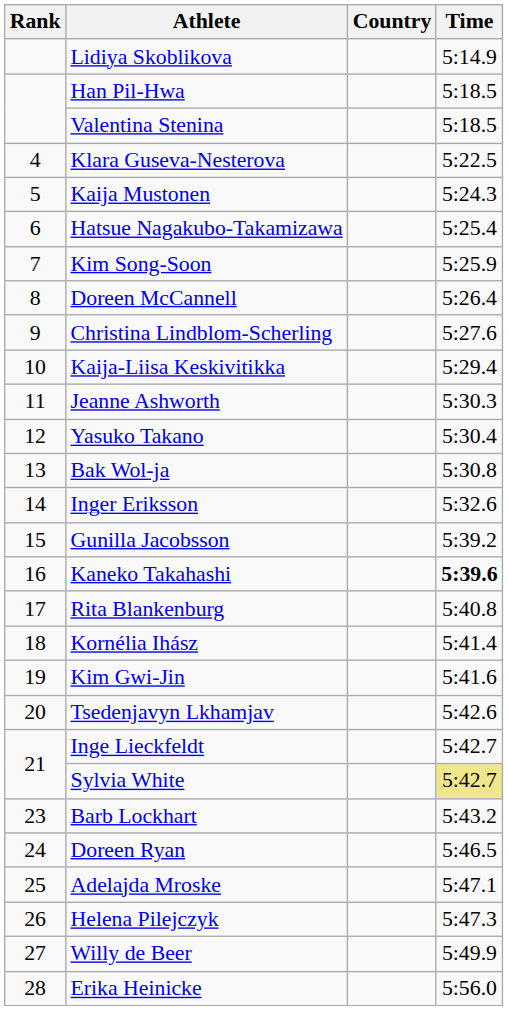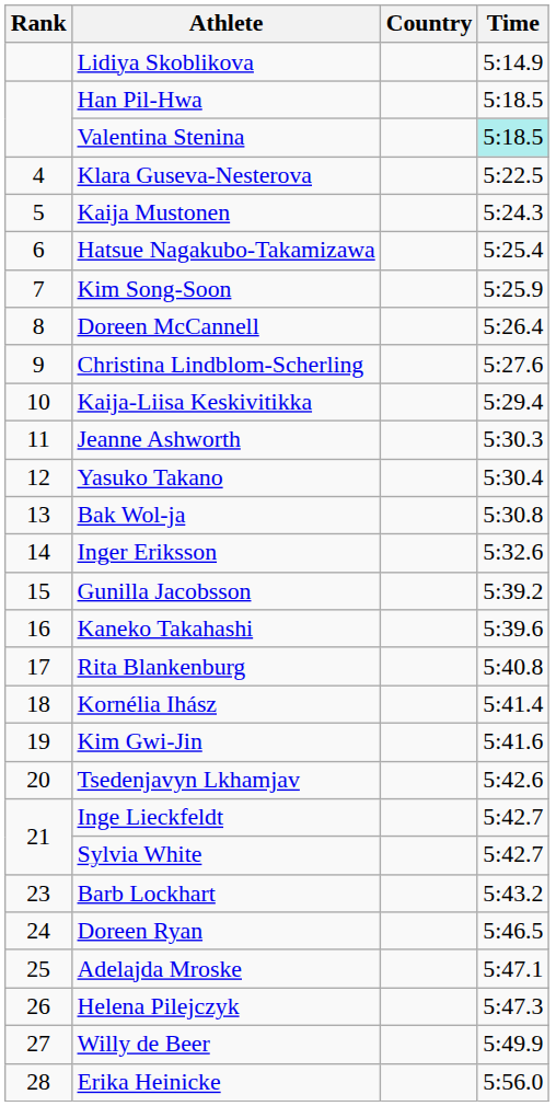 <table class="wikitable sortable" style="text-align:center">
 <tr>
 <th>Rank</th>
 <th>Athlete</th>
 <th>Country</th>
 <th>Time</th>
 </tr>
 <tr>
 <td></td>
 <td align=left><a href='#'>Lidiya Skoblikova</a></td>
 <td align=left></td>
 <td>5:14.9</td>
 </tr>
 <tr>
 <td rowspan=2></td>
 <td align=left><a href='#'>Han Pil-Hwa</a></td>
 <td align=left></td>
 <td>5:18.5</td>
 </tr>
 <tr>
 <td align=left><a href='#'>Valentina Stenina</a></td>
 <td align=left></td>
-<td>5:18.5</td>
+<td style="background: paleturquoise;">5:18.5</td>
 </tr>
 <tr>
 <td>4</td>
 <td align=left><a href='#'>Klara Guseva-Nesterova</a></td>
 <td align=left></td>
 <td>5:22.5</td>
 </tr>
 <tr>
 <td>5</td>
 <td align=left><a href='#'>Kaija Mustonen</a></td>
 <td align=left></td>
 <td>5:24.3</td>
 </tr>
 <tr>
 <td>6</td>
 <td align=left><a href='#'>Hatsue Nagakubo-Takamizawa</a></td>
 <td align=left></td>
 <td>5:25.4</td>
 </tr>
 <tr>
 <td>7</td>
 <td align=left><a href='#'>Kim Song-Soon</a></td>
 <td align=left></td>
 <td>5:25.9</td>
 </tr>
 <tr>
 <td>8</td>
 <td align=left><a href='#'>Doreen McCannell</a></td>
 <td align=left></td>
 <td>5:26.4</td>
 </tr>
 <tr>
 <td>9</td>
 <td align=left><a href='#'>Christina Lindblom-Scherling</a></td>
 <td align=left></td>
 <td>5:27.6</td>
 </tr>
 <tr>
 <td>10</td>
 <td align=left><a href='#'>Kaija-Liisa Keskivitikka</a></td>
 <td align=left></td>
 <td>5:29.4</td>
 </tr>
 <tr>
 <td>11</td>
 <td align=left><a href='#'>Jeanne Ashworth</a></td>
 <td align=left></td>
 <td>5:30.3</td>
 </tr>
 <tr>
 <td>12</td>
 <td align=left><a href='#'>Yasuko Takano</a></td>
 <td align=left></td>
 <td>5:30.4</td>
 </tr>
 <tr>
 <td>13</td>
 <td align=left><a href='#'>Bak Wol-ja</a></td>
 <td align=left></td>
 <td>5:30.8</td>
 </tr>
 <tr>
 <td>14</td>
 <td align=left><a href='#'>Inger Eriksson</a></td>
 <td align=left></td>
 <td>5:32.6</td>
 </tr>
 <tr>
 <td>15</td>
 <td align=left><a href='#'>Gunilla Jacobsson</a></td>
 <td align=left></td>
 <td>5:39.2</td>
 </tr>
 <tr>
 <td>16</td>
 <td align=left><a href='#'>Kaneko Takahashi</a></td>
 <td align=left></td>
-<td><strong>5:39.6</strong></td>
+<td>5:39.6</td>
 </tr>
 <tr>
 <td>17</td>
 <td align=left><a href='#'>Rita Blankenburg</a></td>
 <td align=left></td>
 <td>5:40.8</td>
 </tr>
 <tr>
 <td>18</td>
 <td align=left><a href='#'>Kornélia Ihász</a></td>
 <td align=left></td>
 <td>5:41.4</td>
 </tr>
 <tr>
 <td>19</td>
 <td align=left><a href='#'>Kim Gwi-Jin</a></td>
 <td align=left></td>
 <td>5:41.6</td>
 </tr>
 <tr>
 <td>20</td>
 <td align=left><a href='#'>Tsedenjavyn Lkhamjav</a></td>
 <td align=left></td>
 <td>5:42.6</td>
 </tr>
 <tr>
 <td rowspan=2>21</td>
 <td align=left><a href='#'>Inge Lieckfeldt</a></td>
 <td align=left></td>
 <td>5:42.7</td>
 </tr>
 <tr>
 <td align=left><a href='#'>Sylvia White</a></td>
 <td align=left></td>
-<td style="background: khaki;">5:42.7</td>
+<td>5:42.7</td>
 </tr>
 <tr>
 <td>23</td>
 <td align=left><a href='#'>Barb Lockhart</a></td>
 <td align=left></td>
 <td>5:43.2</td>
 </tr>
 <tr>
 <td>24</td>
 <td align=left><a href='#'>Doreen Ryan</a></td>
 <td align=left></td>
 <td>5:46.5</td>
 </tr>
 <tr>
 <td>25</td>
 <td align=left><a href='#'>Adelajda Mroske</a></td>
 <td align=left></td>
 <td>5:47.1</td>
 </tr>
 <tr>
 <td>26</td>
 <td align=left><a href='#'>Helena Pilejczyk</a></td>
 <td align=left></td>
 <td>5:47.3</td>
 </tr>
 <tr>
 <td>27</td>
 <td align=left><a href='#'>Willy de Beer</a></td>
 <td align=left></td>
 <td>5:49.9</td>
 </tr>
 <tr>
 <td>28</td>
 <td align=left><a href='#'>Erika Heinicke</a></td>
 <td align=left></td>
 <td>5:56.0</td>
 </tr>
 </table>
